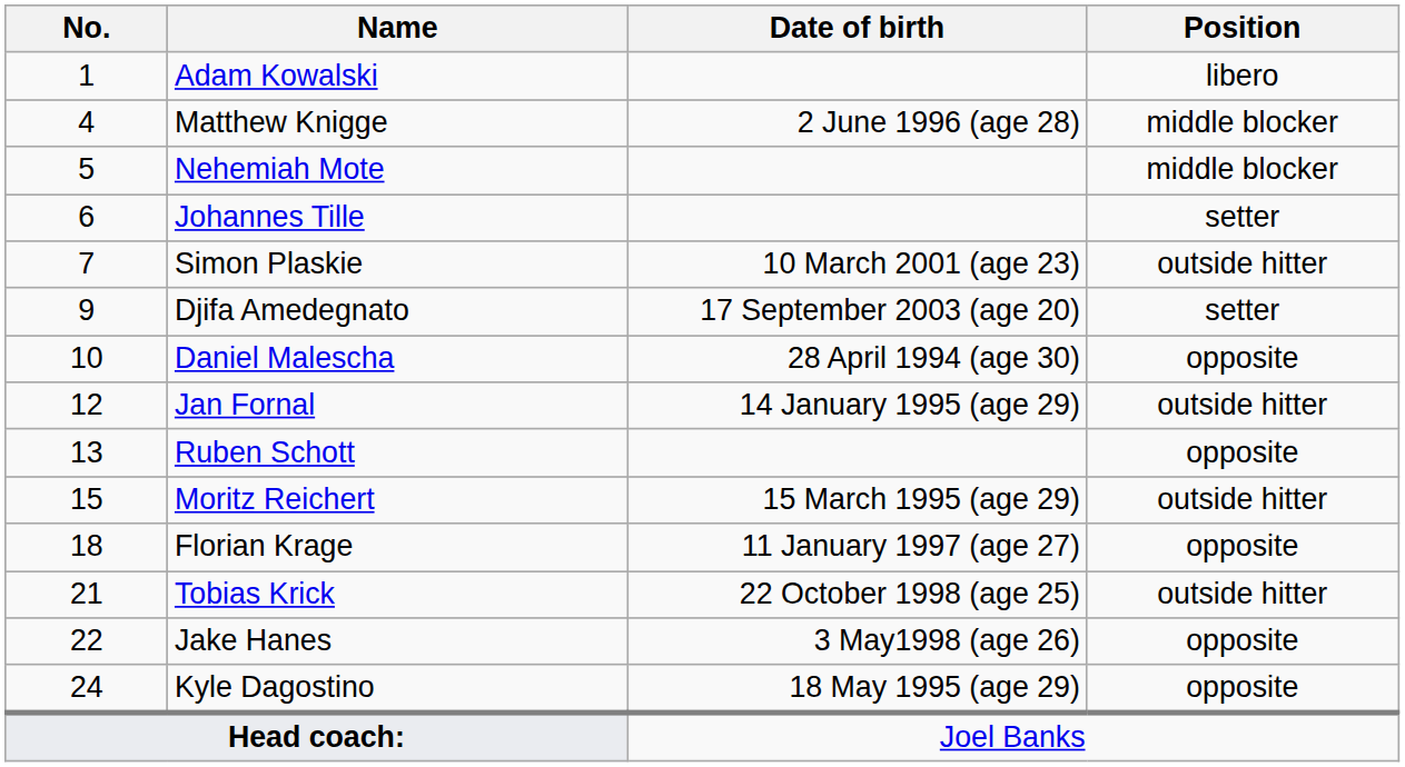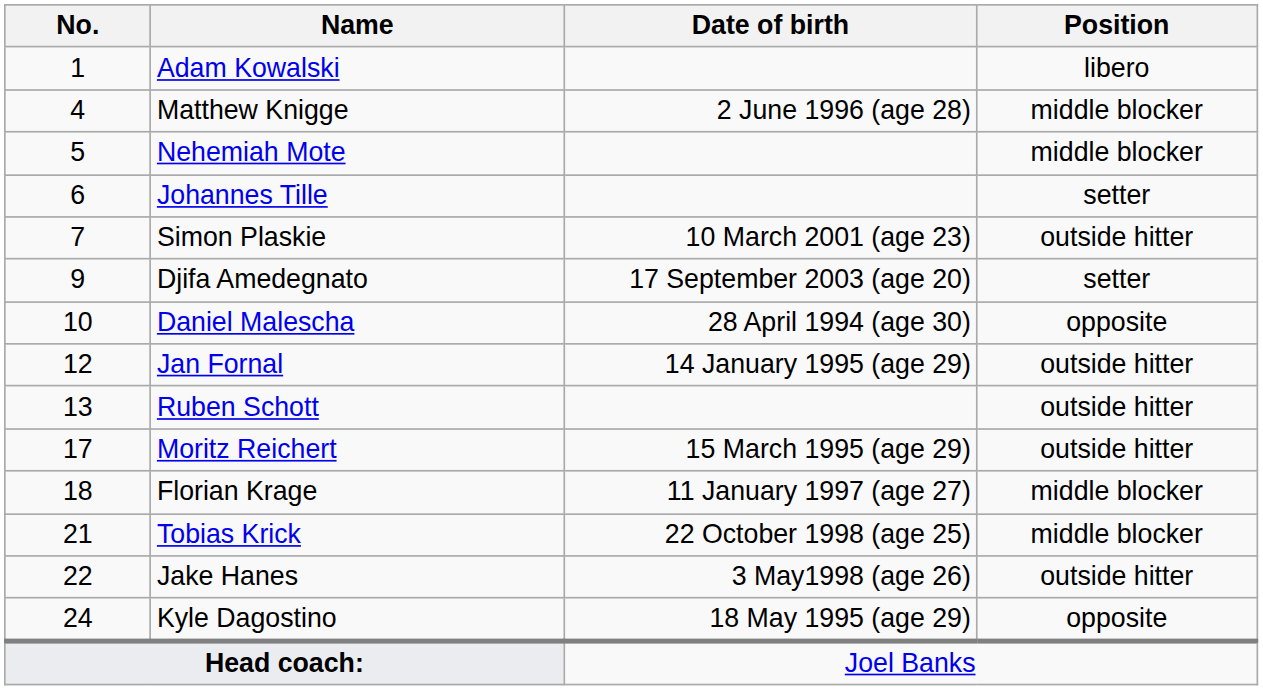 <table class="wikitable sortable" style="font-size:100%; text-align:center;">
 <tr>
 <th style="width:5em">No.</th>
 <th style="width:15em">Name</th>
 <th style="width:15em">Date of birth</th>
 <th style="width:10em">Position</th>
 </tr>
 <tr>
 <td>1</td>
 <td align=left> <a href='#'>Adam Kowalski</a></td>
 <td align=right></td>
 <td>libero</td>
 </tr>
 <tr>
 <td>4</td>
 <td align=left> Matthew Knigge</td>
 <td align=right>2 June 1996 (age 28)</td>
 <td>middle blocker</td>
 </tr>
 <tr>
 <td>5</td>
 <td align=left> <a href='#'>Nehemiah Mote</a></td>
 <td align="right"></td>
 <td>middle blocker</td>
 </tr>
 <tr>
 <td>6</td>
 <td align=left> <a href='#'>Johannes Tille</a></td>
 <td align="right"></td>
 <td>setter</td>
 </tr>
 <tr>
 <td>7</td>
 <td align=left> Simon Plaskie</td>
 <td align=right>10 March 2001 (age 23)</td>
 <td>outside hitter</td>
 </tr>
 <tr>
 <td>9</td>
 <td align=left> Djifa Amedegnato</td>
 <td align=right>17 September 2003 (age 20)</td>
 <td>setter</td>
 </tr>
 <tr>
 <td>10</td>
 <td align=left> <a href='#'>Daniel Malescha</a></td>
 <td align="right">28 April 1994 (age 30)</td>
 <td>opposite</td>
 </tr>
 <tr>
 <td>12</td>
 <td align=left> <a href='#'>Jan Fornal</a></td>
 <td align="right">14 January 1995 (age 29)</td>
 <td>outside hitter</td>
 </tr>
 <tr>
 <td>13</td>
 <td align=left> <a href='#'>Ruben Schott</a></td>
 <td align=right></td>
-<td>opposite</td>
+<td>outside hitter</td>
 </tr>
 <tr>
-<td>15</td>
+<td>17</td>
 <td align=left> <a href='#'>Moritz Reichert</a></td>
 <td align="right">15 March 1995 (age 29)</td>
 <td>outside hitter</td>
 </tr>
 <tr>
 <td>18</td>
 <td align=left> Florian Krage</td>
 <td align=right>11 January 1997 (age 27)</td>
-<td>opposite</td>
+<td>middle blocker</td>
 </tr>
 <tr>
 <td>21</td>
 <td align=left> <a href='#'>Tobias Krick</a></td>
 <td align="right">22 October 1998 (age 25)</td>
-<td>outside hitter</td>
+<td>middle blocker</td>
 </tr>
 <tr>
 <td>22</td>
 <td align=left> Jake Hanes</td>
 <td align=right>3 May1998 (age 26)</td>
-<td>opposite</td>
+<td>outside hitter</td>
 </tr>
 <tr>
 <td>24</td>
 <td align=left> Kyle Dagostino</td>
 <td align=right>18 May 1995 (age 29)</td>
 <td>opposite</td>
 </tr>
 <tr>
 </tr>
 <tr class="sortbottom" style="border-top: 3px solid grey">
 <td colspan=2 style="background:#EAECF0"><strong>Head coach:</strong></td>
 <td colspan=3> <a href='#'>Joel Banks</a></td>
 </tr>
 </table>
